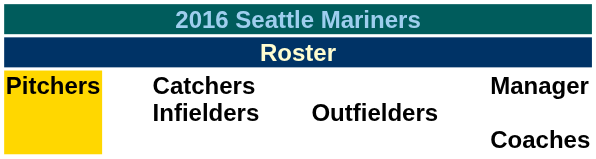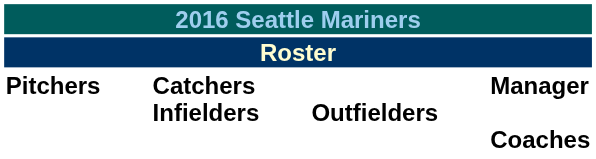 <table class="toccolours" style="font-size: 95%;">
 <tr>
 <th colspan="10" style="background:#005c5c; color:#9eceee; text-align:center;">2016 Seattle Mariners</th>
 </tr>
 <tr>
 <td colspan="10" style="background:#036; color:#fffdd0; text-align:center;"><strong>Roster</strong></td>
 </tr>
 <tr>
-<td valign="top" style="background: gold;"><strong>Pitchers</strong><br>                              </td>
+<td valign="top"><strong>Pitchers</strong><br>                              </td>
 <td style="width:25px;"></td>
 <td valign="top"><strong>Catchers</strong><br>    <strong>Infielders</strong>          </td>
 <td style="width:25px;"></td>
 <td valign="top"><br><strong>Outfielders</strong>         </td>
 <td style="width:25px;"></td>
 <td valign="top"><strong>Manager</strong><br><br><strong>Coaches</strong>               </td>
 </tr>
 </table>
